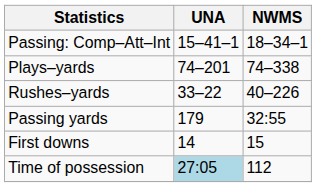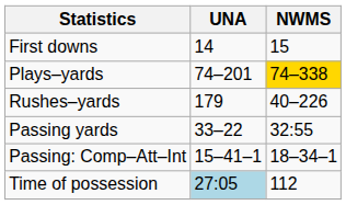 <table class="wikitable" style="float: left;">
 <tr>
 <th>Statistics</th>
 <th>UNA</th>
 <th>NWMS</th>
 </tr>
 <tr>
-<td>Passing: Comp–Att–Int</td>
-<td>15–41–1</td>
-<td>18–34–1</td>
+<td>First downs</td>
+<td>14</td>
+<td>15</td>
 </tr>
 <tr>
 <td>Plays–yards</td>
 <td>74–201</td>
-<td>74–338</td>
+<td style="background: gold;">74–338</td>
 </tr>
 <tr>
 <td>Rushes–yards</td>
-<td>33–22</td>
+<td>179</td>
 <td>40–226</td>
 </tr>
 <tr>
 <td>Passing yards</td>
-<td>179</td>
+<td>33–22</td>
 <td>32:55</td>
 </tr>
 <tr>
-<td>First downs</td>
-<td>14</td>
-<td>15</td>
+<td>Passing: Comp–Att–Int</td>
+<td>15–41–1</td>
+<td>18–34–1</td>
 </tr>
 <tr>
 <td>Time of possession</td>
 <td style="background: lightblue;">27:05</td>
 <td>112</td>
 </tr>
 <tr>
 </tr>
 </table>
